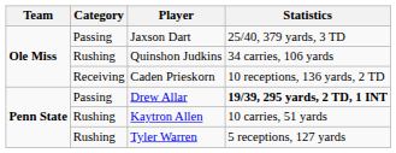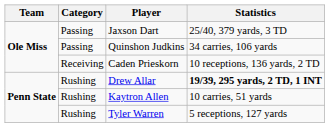 <table class="wikitable" style="float: right;">
 <tr>
 <th>Team</th>
 <th>Category</th>
 <th>Player</th>
 <th>Statistics</th>
 </tr>
 <tr>
 <td rowspan=3><strong>Ole Miss</strong></td>
 <td>Passing</td>
 <td>Jaxson Dart</td>
 <td>25/40, 379 yards, 3 TD</td>
 </tr>
 <tr>
-<td>Rushing</td>
+<td>Passing</td>
 <td>Quinshon Judkins</td>
 <td>34 carries, 106 yards</td>
 </tr>
 <tr>
 <td>Receiving</td>
 <td>Caden Prieskorn</td>
 <td>10 receptions, 136 yards, 2 TD</td>
 </tr>
 <tr>
 <td rowspan=3><strong>Penn State</strong></td>
-<td>Passing</td>
+<td>Rushing</td>
 <td><a href='#'>Drew Allar</a></td>
 <td><strong>19/39, 295 yards, 2 TD, 1 INT</strong></td>
 </tr>
 <tr>
 <td>Rushing</td>
 <td><a href='#'>Kaytron Allen</a></td>
 <td>10 carries, 51 yards</td>
 </tr>
 <tr>
 <td>Rushing</td>
 <td><a href='#'>Tyler Warren</a></td>
 <td>5 receptions, 127 yards</td>
 </tr>
 </table>
